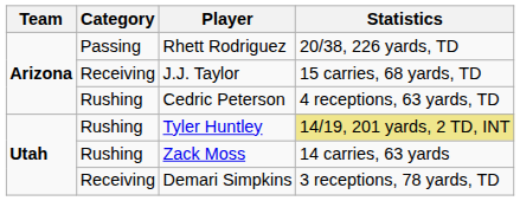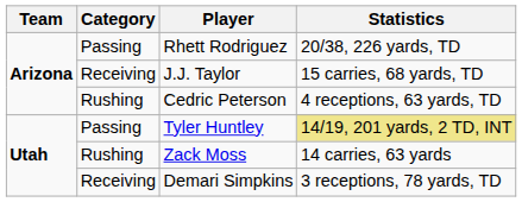 <table class="wikitable" style="float: right;">
 <tr>
 <th>Team</th>
 <th>Category</th>
 <th>Player</th>
 <th>Statistics</th>
 </tr>
 <tr>
 <td rowspan=3><strong>Arizona</strong></td>
 <td>Passing</td>
 <td>Rhett Rodriguez</td>
 <td>20/38, 226 yards, TD</td>
 </tr>
 <tr>
 <td>Receiving</td>
 <td>J.J. Taylor</td>
 <td>15 carries, 68 yards, TD</td>
 </tr>
 <tr>
 <td>Rushing</td>
 <td>Cedric Peterson</td>
 <td>4 receptions, 63 yards, TD</td>
 </tr>
 <tr>
 <td rowspan=3><strong>Utah</strong></td>
-<td>Rushing</td>
+<td>Passing</td>
 <td><a href='#'>Tyler Huntley</a></td>
 <td style="background: khaki;">14/19, 201 yards, 2 TD, INT</td>
 </tr>
 <tr>
 <td>Rushing</td>
 <td><a href='#'>Zack Moss</a></td>
 <td>14 carries, 63 yards</td>
 </tr>
 <tr>
 <td>Receiving</td>
 <td>Demari Simpkins</td>
 <td>3 receptions, 78 yards, TD</td>
 </tr>
 </table>
